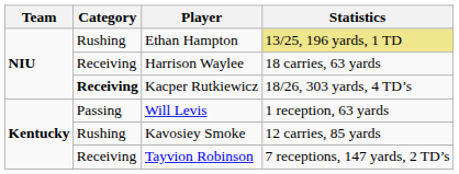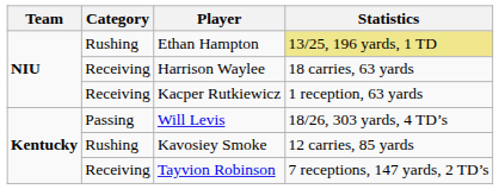 <table class="wikitable" style="float: right;">
 <tr>
 <th>Team</th>
 <th>Category</th>
 <th>Player</th>
 <th>Statistics</th>
 </tr>
 <tr>
 <td rowspan=3><strong>NIU</strong></td>
 <td>Rushing</td>
 <td>Ethan Hampton</td>
 <td style="background: khaki;">13/25, 196 yards, 1 TD</td>
 </tr>
 <tr>
 <td>Receiving</td>
 <td>Harrison Waylee</td>
 <td>18 carries, 63 yards</td>
 </tr>
 <tr>
-<td><strong>Receiving</strong></td>
+<td>Receiving</td>
 <td>Kacper Rutkiewicz</td>
-<td>18/26, 303 yards, 4 TD’s</td>
+<td>1 reception, 63 yards</td>
 </tr>
 <tr>
 <td rowspan=3><strong>Kentucky</strong></td>
 <td>Passing</td>
 <td><a href='#'>Will Levis</a></td>
-<td>1 reception, 63 yards</td>
+<td>18/26, 303 yards, 4 TD’s</td>
 </tr>
 <tr>
 <td>Rushing</td>
 <td>Kavosiey Smoke</td>
 <td>12 carries, 85 yards</td>
 </tr>
 <tr>
 <td>Receiving</td>
 <td><a href='#'>Tayvion Robinson</a></td>
 <td>7 receptions, 147 yards, 2 TD’s</td>
 </tr>
 </table>
